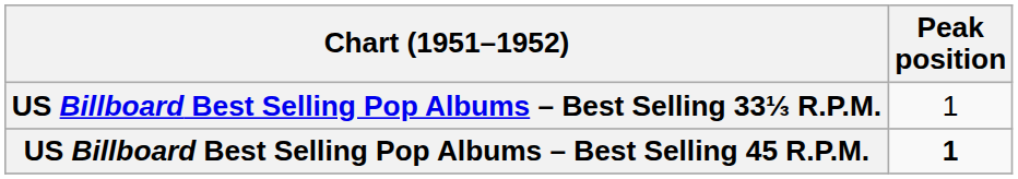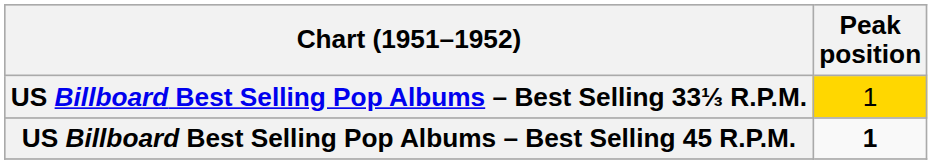 <table class="wikitable plainrowheaders" style="text-align:center">
 <tr>
 <th scope="col">Chart (1951–1952)</th>
 <th scope="col">Peak<br>position</th>
 </tr>
 <tr>
 <th scope="row" align="left">US <a href='#'><em>Billboard</em> Best Selling Pop Albums</a> – Best Selling 33⅓ R.P.M.</th>
-<td>1</td>
+<td style="background: gold;">1</td>
 </tr>
 <tr>
 <th scope="row" align="left">US <em>Billboard</em> Best Selling Pop Albums – Best Selling 45 R.P.M.</th>
 <td><strong>1</strong></td>
 </tr>
 </table>
